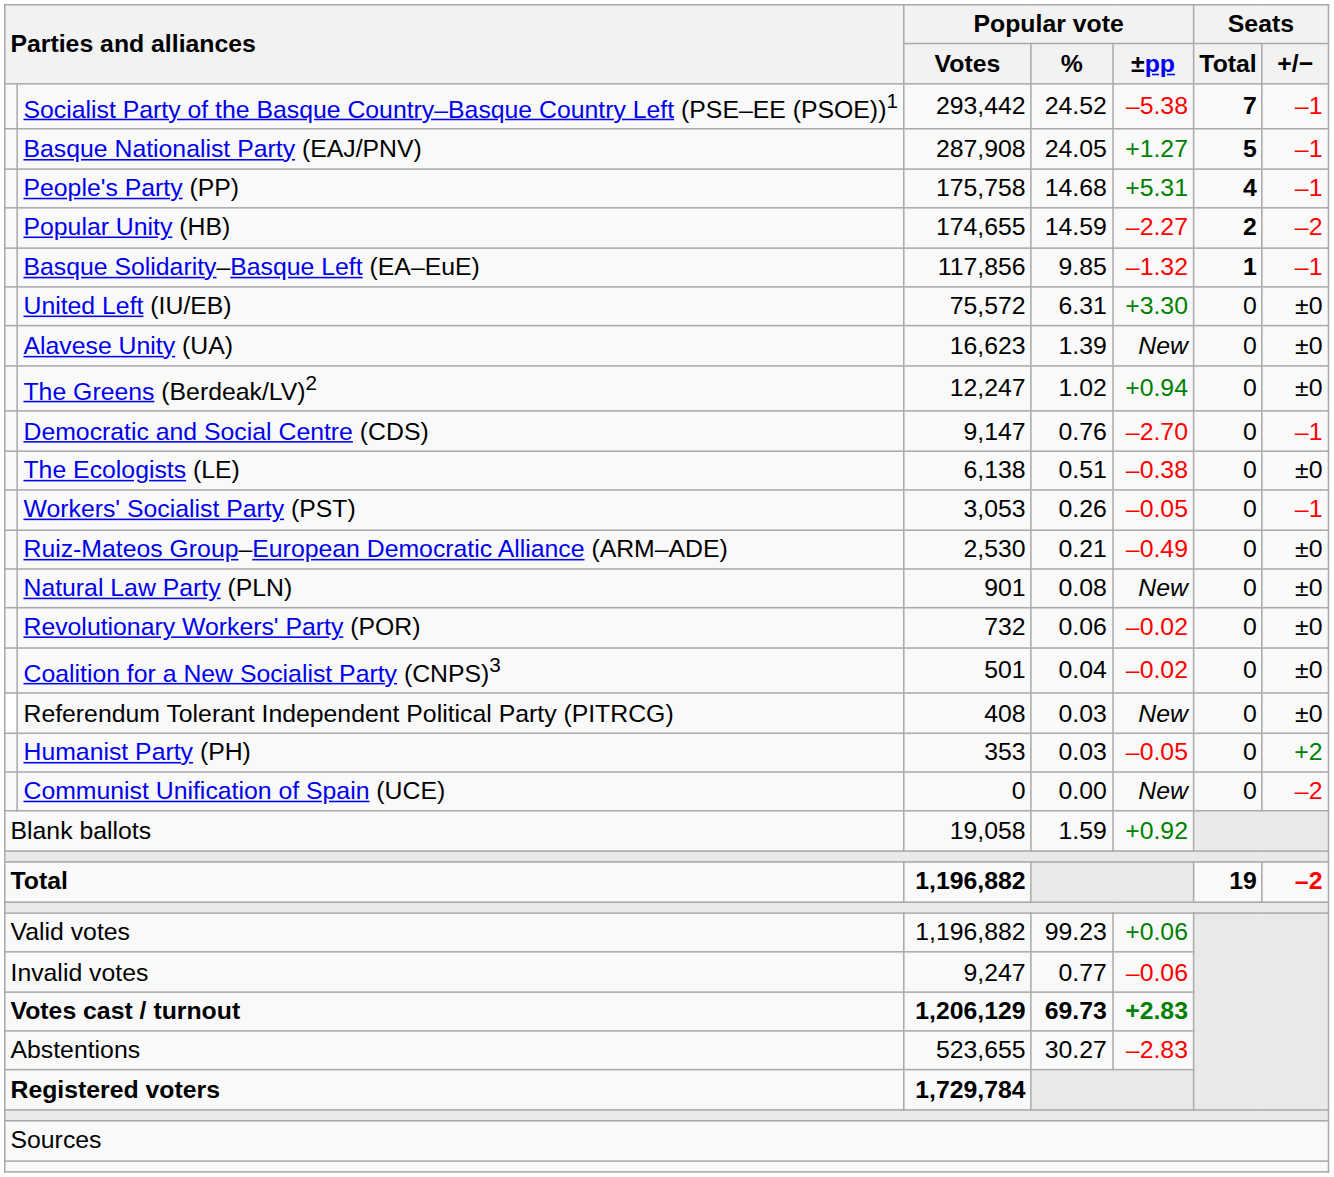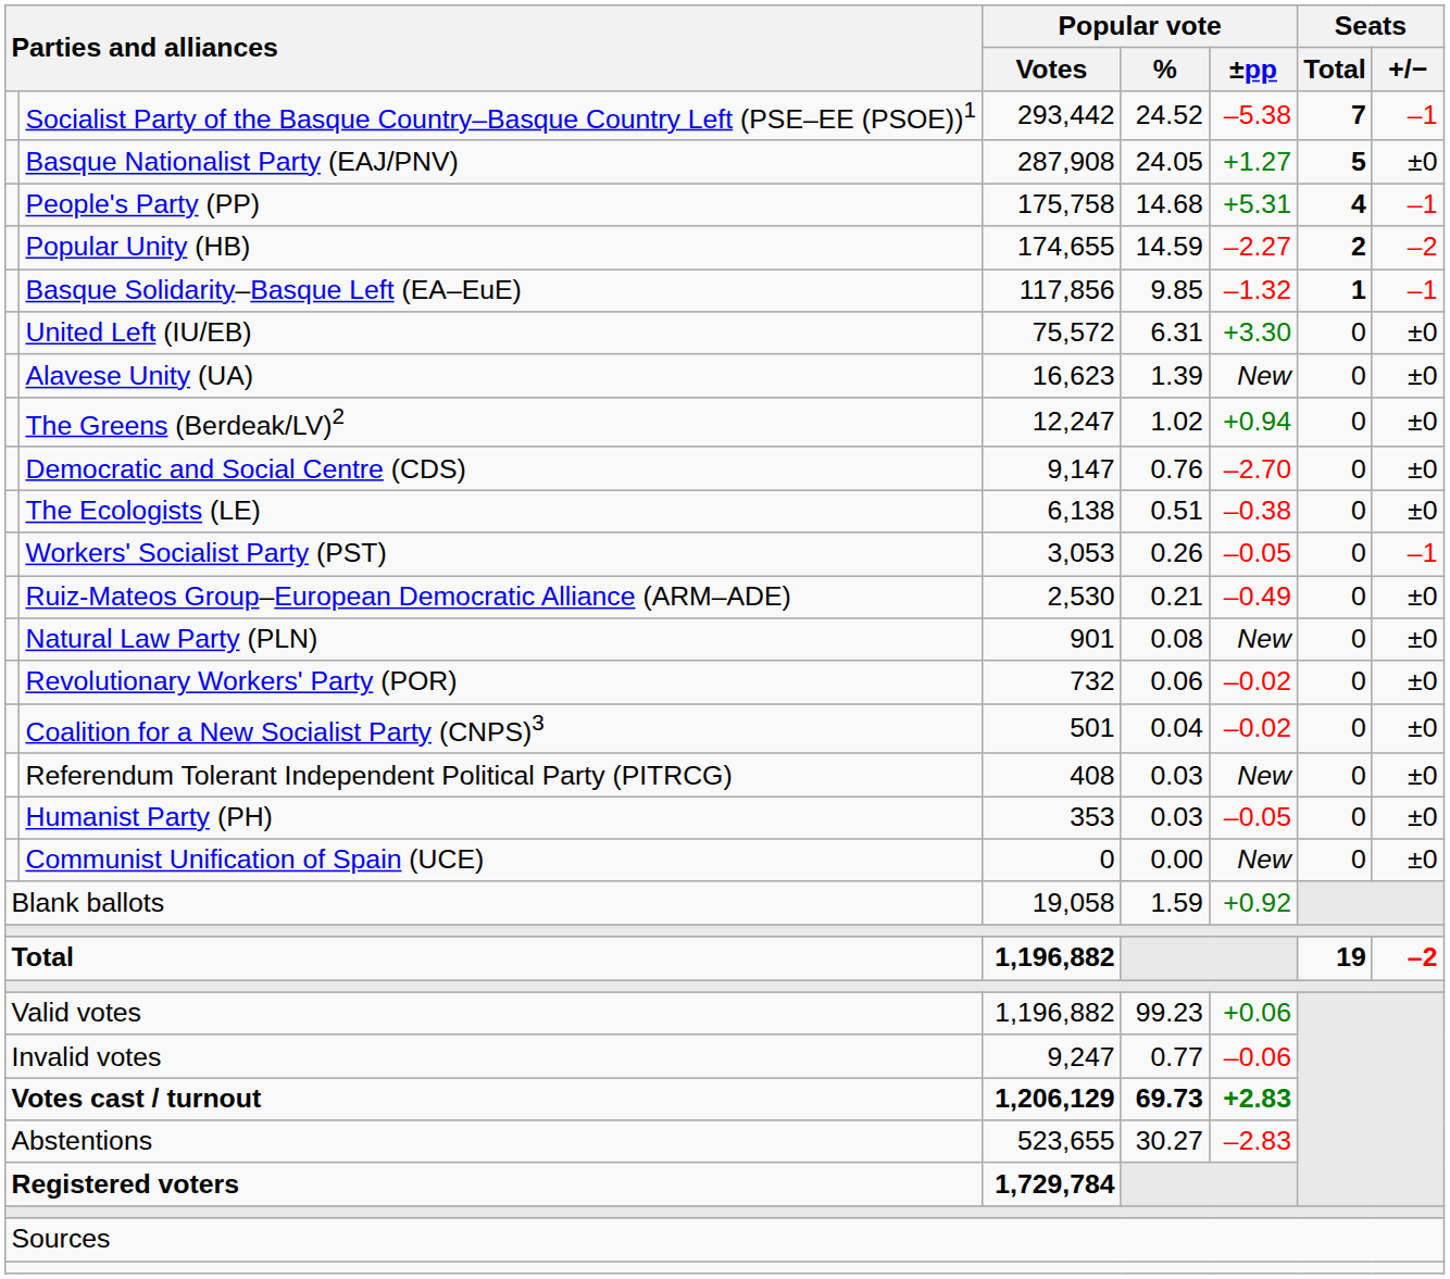 <table class="wikitable" style="text-align:right;">
 <tr>
 <th style="text-align:left;" rowspan="2" colspan="2" width="525">Parties and alliances</th>
 <th colspan="3">Popular vote</th>
 <th colspan="2">Seats</th>
 </tr>
 <tr>
 <th width="75">Votes</th>
 <th width="45">%</th>
 <th width="45">±<a href='#'>pp</a></th>
 <th width="35">Total</th>
 <th width="35">+/−</th>
 </tr>
 <tr>
 <td width="1" style="color:inherit;background:"></td>
 <td align="left"><a href='#'>Socialist Party of the Basque Country–Basque Country Left</a> (PSE–EE (PSOE))<sup>1</sup></td>
 <td>293,442</td>
 <td>24.52</td>
 <td style="color:red;">–5.38</td>
 <td><strong>7</strong></td>
 <td style="color:red;">–1</td>
 </tr>
 <tr>
 <td style="color:inherit;background:"></td>
 <td align="left"><a href='#'>Basque Nationalist Party</a> (EAJ/PNV)</td>
 <td>287,908</td>
 <td>24.05</td>
 <td style="color:green;">+1.27</td>
 <td><strong>5</strong></td>
-<td style="color:red;">–1</td>
+<td>±0</td>
 </tr>
 <tr>
 <td style="color:inherit;background:"></td>
 <td align="left"><a href='#'>People's Party</a> (PP)</td>
 <td>175,758</td>
 <td>14.68</td>
 <td style="color:green;">+5.31</td>
 <td><strong>4</strong></td>
 <td style="color:red;">–1</td>
 </tr>
 <tr>
 <td style="color:inherit;background:"></td>
 <td align="left"><a href='#'>Popular Unity</a> (HB)</td>
 <td>174,655</td>
 <td>14.59</td>
 <td style="color:red;">–2.27</td>
 <td><strong>2</strong></td>
 <td style="color:red;">–2</td>
 </tr>
 <tr>
 <td style="color:inherit;background:"></td>
 <td align="left"><a href='#'>Basque Solidarity</a>–<a href='#'>Basque Left</a> (EA–EuE)</td>
 <td>117,856</td>
 <td>9.85</td>
 <td style="color:red;">–1.32</td>
 <td><strong>1</strong></td>
 <td style="color:red;">–1</td>
 </tr>
 <tr>
 <td style="color:inherit;background:"></td>
 <td align="left"><a href='#'>United Left</a> (IU/EB)</td>
 <td>75,572</td>
 <td>6.31</td>
 <td style="color:green;">+3.30</td>
 <td>0</td>
 <td>±0</td>
 </tr>
 <tr>
 <td style="color:inherit;background:"></td>
 <td align="left"><a href='#'>Alavese Unity</a> (UA)</td>
 <td>16,623</td>
 <td>1.39</td>
 <td><em>New</em></td>
 <td>0</td>
 <td>±0</td>
 </tr>
 <tr>
 <td style="color:inherit;background:"></td>
 <td align="left"><a href='#'>The Greens</a> (Berdeak/LV)<sup>2</sup></td>
 <td>12,247</td>
 <td>1.02</td>
 <td style="color:green;">+0.94</td>
 <td>0</td>
 <td>±0</td>
 </tr>
 <tr>
 <td style="color:inherit;background:"></td>
 <td align="left"><a href='#'>Democratic and Social Centre</a> (CDS)</td>
 <td>9,147</td>
 <td>0.76</td>
 <td style="color:red;">–2.70</td>
 <td>0</td>
-<td style="color:red;">–1</td>
+<td>±0</td>
 </tr>
 <tr>
 <td style="color:inherit;background:"></td>
 <td align="left"><a href='#'>The Ecologists</a> (LE)</td>
 <td>6,138</td>
 <td>0.51</td>
 <td style="color:red;">–0.38</td>
 <td>0</td>
 <td>±0</td>
 </tr>
 <tr>
 <td style="color:inherit;background:"></td>
 <td align="left"><a href='#'>Workers' Socialist Party</a> (PST)</td>
 <td>3,053</td>
 <td>0.26</td>
 <td style="color:red;">–0.05</td>
 <td>0</td>
 <td style="color:red;">–1</td>
 </tr>
 <tr>
 <td style="color:inherit;background:"></td>
 <td align="left"><a href='#'>Ruiz-Mateos Group</a>–<a href='#'>European Democratic Alliance</a> (ARM–ADE)</td>
 <td>2,530</td>
 <td>0.21</td>
 <td style="color:red;">–0.49</td>
 <td>0</td>
 <td>±0</td>
 </tr>
 <tr>
 <td style="color:inherit;background:"></td>
 <td align="left"><a href='#'>Natural Law Party</a> (PLN)</td>
 <td>901</td>
 <td>0.08</td>
 <td><em>New</em></td>
 <td>0</td>
 <td>±0</td>
 </tr>
 <tr>
 <td style="color:inherit;background:"></td>
 <td align="left"><a href='#'>Revolutionary Workers' Party</a> (POR)</td>
 <td>732</td>
 <td>0.06</td>
 <td style="color:red;">–0.02</td>
 <td>0</td>
 <td>±0</td>
 </tr>
 <tr>
 <td style="color:inherit;background:"></td>
 <td align="left"><a href='#'>Coalition for a New Socialist Party</a> (CNPS)<sup>3</sup></td>
 <td>501</td>
 <td>0.04</td>
 <td style="color:red;">–0.02</td>
 <td>0</td>
 <td>±0</td>
 </tr>
 <tr>
 <td bgcolor="white"></td>
 <td align="left">Referendum Tolerant Independent Political Party (PITRCG)</td>
 <td>408</td>
 <td>0.03</td>
 <td><em>New</em></td>
 <td>0</td>
 <td>±0</td>
 </tr>
 <tr>
 <td style="color:inherit;background:"></td>
 <td align="left"><a href='#'>Humanist Party</a> (PH)</td>
 <td>353</td>
 <td>0.03</td>
 <td style="color:red;">–0.05</td>
 <td>0</td>
-<td style="color:green;">+2</td>
+<td>±0</td>
 </tr>
 <tr>
 <td style="color:inherit;background:"></td>
 <td align="left"><a href='#'>Communist Unification of Spain</a> (UCE)</td>
 <td>0</td>
 <td>0.00</td>
 <td><em>New</em></td>
 <td>0</td>
-<td style="color:red;">–2</td>
+<td>±0</td>
 </tr>
 <tr>
 <td align="left" colspan="2">Blank ballots</td>
 <td>19,058</td>
 <td>1.59</td>
 <td style="color:green;">+0.92</td>
 <td bgcolor="#E9E9E9" colspan="2"></td>
 </tr>
 <tr>
 <td colspan="7" bgcolor="#E9E9E9"></td>
 </tr>
 <tr style="font-weight:bold;">
 <td align="left" colspan="2">Total</td>
 <td>1,196,882</td>
 <td bgcolor="#E9E9E9" colspan="2"></td>
 <td>19</td>
 <td style="color:red;">–2</td>
 </tr>
 <tr>
 <td colspan="7" bgcolor="#E9E9E9"></td>
 </tr>
 <tr>
 <td align="left" colspan="2">Valid votes</td>
 <td>1,196,882</td>
 <td>99.23</td>
 <td style="color:green;">+0.06</td>
 <td bgcolor="#E9E9E9" colspan="2" rowspan="5"></td>
 </tr>
 <tr>
 <td align="left" colspan="2">Invalid votes</td>
 <td>9,247</td>
 <td>0.77</td>
 <td style="color:red;">–0.06</td>
 </tr>
 <tr style="font-weight:bold;">
 <td align="left" colspan="2">Votes cast / turnout</td>
 <td>1,206,129</td>
 <td>69.73</td>
 <td style="color:green;">+2.83</td>
 </tr>
 <tr>
 <td align="left" colspan="2">Abstentions</td>
 <td>523,655</td>
 <td>30.27</td>
 <td style="color:red;">–2.83</td>
 </tr>
 <tr style="font-weight:bold;">
 <td align="left" colspan="2">Registered voters</td>
 <td>1,729,784</td>
 <td bgcolor="#E9E9E9" colspan="2"></td>
 </tr>
 <tr>
 <td colspan="7" bgcolor="#E9E9E9"></td>
 </tr>
 <tr>
 <td align="left" colspan="7">Sources</td>
 </tr>
 <tr>
 <td colspan="7" style="text-align:left; max-width:790px;"></td>
 </tr>
 </table>
